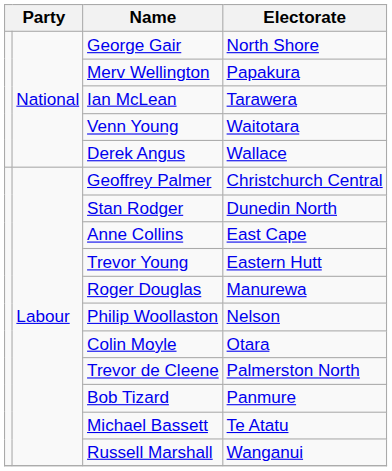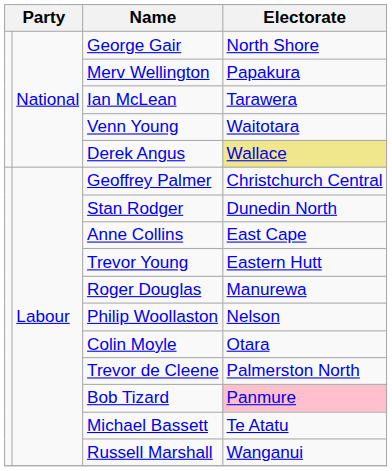 <table class="wikitable">
 <tr>
 <th colspan=2>Party</th>
 <th>Name</th>
 <th>Electorate</th>
 </tr>
 <tr>
 <td rowspan=5 style="background-color: "></td>
 <td rowspan=5><a href='#'>National</a></td>
 <td><a href='#'>George Gair</a></td>
 <td><a href='#'>North Shore</a></td>
 </tr>
 <tr>
 <td><a href='#'>Merv Wellington</a></td>
 <td><a href='#'>Papakura</a></td>
 </tr>
 <tr>
 <td><a href='#'>Ian McLean</a></td>
 <td><a href='#'>Tarawera</a></td>
 </tr>
 <tr>
 <td><a href='#'>Venn Young</a></td>
 <td><a href='#'>Waitotara</a></td>
 </tr>
 <tr>
 <td><a href='#'>Derek Angus</a></td>
-<td><a href='#'>Wallace</a></td>
+<td style="background: khaki;"><a href='#'>Wallace</a></td>
 </tr>
 <tr>
 <td rowspan=11 style="background-color: "></td>
 <td rowspan=11><a href='#'>Labour</a></td>
 <td><a href='#'>Geoffrey Palmer</a></td>
 <td><a href='#'>Christchurch Central</a></td>
 </tr>
 <tr>
 <td><a href='#'>Stan Rodger</a></td>
 <td><a href='#'>Dunedin North</a></td>
 </tr>
 <tr>
 <td><a href='#'>Anne Collins</a></td>
 <td><a href='#'>East Cape</a></td>
 </tr>
 <tr>
 <td><a href='#'>Trevor Young</a></td>
 <td><a href='#'>Eastern Hutt</a></td>
 </tr>
 <tr>
 <td><a href='#'>Roger Douglas</a></td>
 <td><a href='#'>Manurewa</a></td>
 </tr>
 <tr>
 <td><a href='#'>Philip Woollaston</a></td>
 <td><a href='#'>Nelson</a></td>
 </tr>
 <tr>
 <td><a href='#'>Colin Moyle</a></td>
 <td><a href='#'>Otara</a></td>
 </tr>
 <tr>
 <td><a href='#'>Trevor de Cleene</a></td>
 <td><a href='#'>Palmerston North</a></td>
 </tr>
 <tr>
 <td><a href='#'>Bob Tizard</a></td>
-<td><a href='#'>Panmure</a></td>
+<td style="background: pink;"><a href='#'>Panmure</a></td>
 </tr>
 <tr>
 <td><a href='#'>Michael Bassett</a></td>
 <td><a href='#'>Te Atatu</a></td>
 </tr>
 <tr>
 <td><a href='#'>Russell Marshall</a></td>
 <td><a href='#'>Wanganui</a></td>
 </tr>
 <tr>
 </tr>
 </table>
